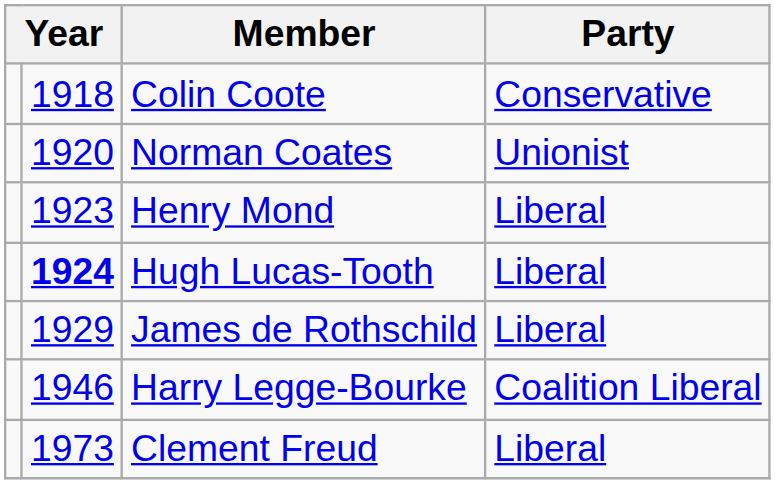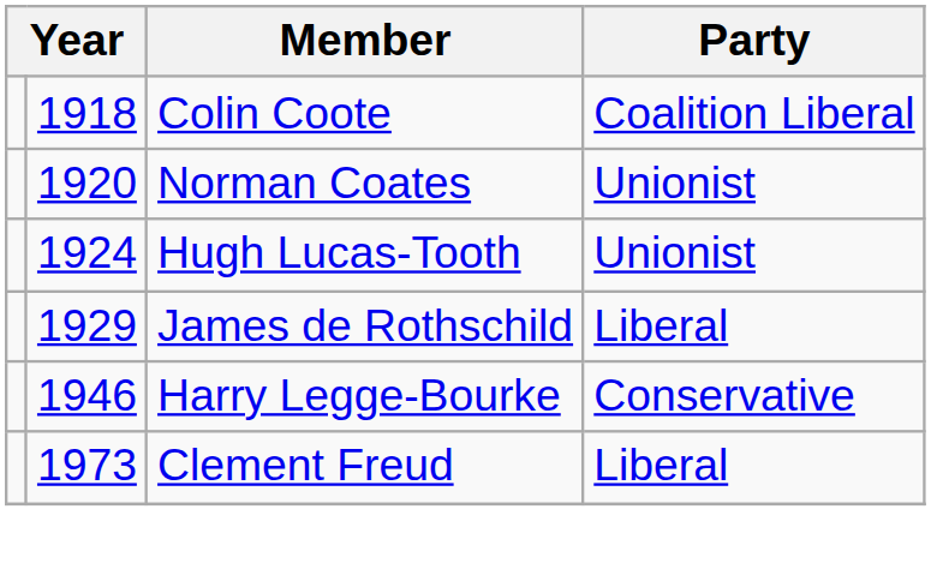 <table class="wikitable">
 <tr>
 <th colspan="2">Year</th>
 <th>Member</th>
 <th>Party</th>
 </tr>
 <tr>
 <td style="color:inherit;background-color: "></td>
 <td><a href='#'>1918</a></td>
 <td><a href='#'>Colin Coote</a></td>
-<td><a href='#'>Conservative</a></td>
+<td><a href='#'>Coalition Liberal</a></td>
 </tr>
 <tr>
 <td style="color:inherit;background-color: "></td>
 <td><a href='#'>1920</a></td>
 <td><a href='#'>Norman Coates</a></td>
 <td><a href='#'>Unionist</a></td>
 </tr>
 <tr>
 <td style="color:inherit;background-color: "></td>
-<td><a href='#'>1923</a></td>
-<td><a href='#'>Henry Mond</a></td>
-<td><a href='#'>Liberal</a></td>
-</tr>
-<tr>
-<td style="color:inherit;background-color: "></td>
-<td><strong><a href='#'>1924</a></strong></td>
+<td><a href='#'>1924</a></td>
 <td><a href='#'>Hugh Lucas-Tooth</a></td>
-<td><a href='#'>Liberal</a></td>
+<td><a href='#'>Unionist</a></td>
 </tr>
 <tr>
 <td style="color:inherit;background-color: "></td>
 <td><a href='#'>1929</a></td>
 <td><a href='#'>James de Rothschild</a></td>
 <td><a href='#'>Liberal</a></td>
 </tr>
 <tr>
 <td style="color:inherit;background-color: "></td>
 <td><a href='#'>1946</a></td>
 <td><a href='#'>Harry Legge-Bourke</a></td>
-<td><a href='#'>Coalition Liberal</a></td>
+<td><a href='#'>Conservative</a></td>
 </tr>
 <tr>
 <td style="color:inherit;background-color: "></td>
 <td><a href='#'>1973</a></td>
 <td><a href='#'>Clement Freud</a></td>
 <td><a href='#'>Liberal</a></td>
 </tr>
 <tr>
 </tr>
 </table>
